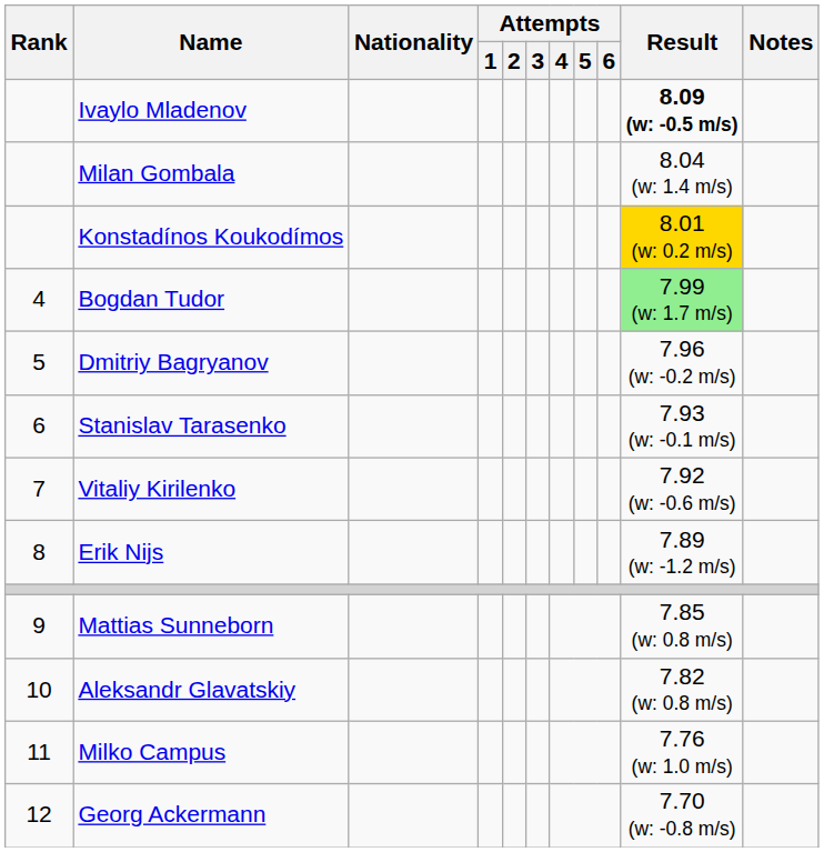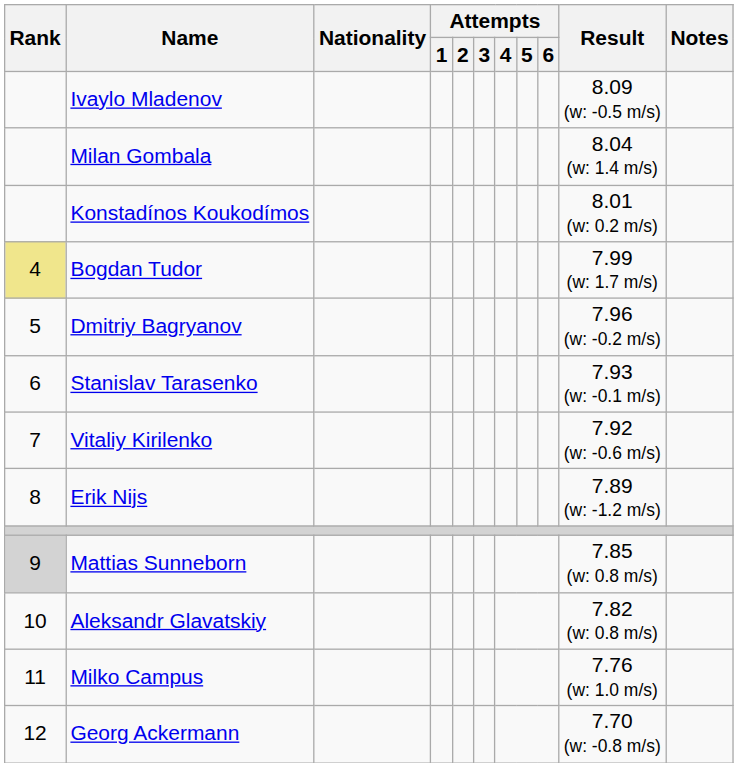 <table class="wikitable sortable" style="text-align:center">
 <tr>
 <th rowspan="2">Rank</th>
 <th rowspan="2">Name</th>
 <th rowspan="2">Nationality</th>
 <th colspan="6">Attempts</th>
 <th rowspan="2">Result</th>
 <th rowspan="2">Notes</th>
 </tr>
 <tr>
 <th>1</th>
 <th>2</th>
 <th>3</th>
 <th>4</th>
 <th>5</th>
 <th>6</th>
 </tr>
 <tr>
 <td></td>
 <td align=left><a href='#'>Ivaylo Mladenov</a></td>
 <td align=left></td>
 <td></td>
 <td></td>
 <td></td>
 <td></td>
 <td></td>
 <td></td>
-<td><strong>8.09<br><small>(w: -0.5 m/s)</small></strong></td>
+<td>8.09<br><small>(w: -0.5 m/s)</small></td>
 <td></td>
 </tr>
 <tr>
 <td></td>
 <td align=left><a href='#'>Milan Gombala</a></td>
 <td align=left></td>
 <td></td>
 <td></td>
 <td></td>
 <td></td>
 <td></td>
 <td></td>
 <td>8.04<br><small>(w: 1.4 m/s)</small></td>
 <td></td>
 </tr>
 <tr>
 <td></td>
 <td align=left><a href='#'>Konstadínos Koukodímos</a></td>
 <td align=left></td>
 <td></td>
 <td></td>
 <td></td>
 <td></td>
 <td></td>
 <td></td>
-<td style="background: gold;">8.01<br><small>(w: 0.2 m/s)</small></td>
+<td>8.01<br><small>(w: 0.2 m/s)</small></td>
 <td></td>
 </tr>
 <tr>
-<td>4</td>
+<td style="background: khaki;">4</td>
 <td align=left><a href='#'>Bogdan Tudor</a></td>
 <td align=left></td>
 <td></td>
 <td></td>
 <td></td>
 <td></td>
 <td></td>
 <td></td>
-<td style="background: lightgreen;">7.99<br><small>(w: 1.7 m/s)</small></td>
+<td>7.99<br><small>(w: 1.7 m/s)</small></td>
 <td></td>
 </tr>
 <tr>
 <td>5</td>
 <td align=left><a href='#'>Dmitriy Bagryanov</a></td>
 <td align=left></td>
 <td></td>
 <td></td>
 <td></td>
 <td></td>
 <td></td>
 <td></td>
 <td>7.96<br><small>(w: -0.2 m/s)</small></td>
 <td></td>
 </tr>
 <tr>
 <td>6</td>
 <td align=left><a href='#'>Stanislav Tarasenko</a></td>
 <td align=left></td>
 <td></td>
 <td></td>
 <td></td>
 <td></td>
 <td></td>
 <td></td>
 <td>7.93<br><small>(w: -0.1 m/s)</small></td>
 <td></td>
 </tr>
 <tr>
 <td>7</td>
 <td align=left><a href='#'>Vitaliy Kirilenko</a></td>
 <td align=left></td>
 <td></td>
 <td></td>
 <td></td>
 <td></td>
 <td></td>
 <td></td>
 <td>7.92<br><small>(w: -0.6 m/s)</small></td>
 <td></td>
 </tr>
 <tr>
 <td>8</td>
 <td align=left><a href='#'>Erik Nijs</a></td>
 <td align=left></td>
 <td></td>
 <td></td>
 <td></td>
 <td></td>
 <td></td>
 <td></td>
 <td>7.89<br><small>(w: -1.2 m/s)</small></td>
 <td></td>
 </tr>
 <tr>
 <td colspan=11 bgcolor=lightgray></td>
 </tr>
 <tr>
-<td>9</td>
+<td style="background: lightgrey;">9</td>
 <td align=left><a href='#'>Mattias Sunneborn</a></td>
 <td align=left></td>
 <td></td>
 <td></td>
 <td></td>
 <td colspan="3"></td>
 <td>7.85<br><small>(w: 0.8 m/s)</small></td>
 <td></td>
 </tr>
 <tr>
 <td>10</td>
 <td align=left><a href='#'>Aleksandr Glavatskiy</a></td>
 <td align=left></td>
 <td></td>
 <td></td>
 <td></td>
 <td colspan="3"></td>
 <td>7.82<br><small>(w: 0.8 m/s)</small></td>
 <td></td>
 </tr>
 <tr>
 <td>11</td>
 <td align=left><a href='#'>Milko Campus</a></td>
 <td align=left></td>
 <td></td>
 <td></td>
 <td></td>
 <td colspan="3"></td>
 <td>7.76<br><small>(w: 1.0 m/s)</small></td>
 <td></td>
 </tr>
 <tr>
 <td>12</td>
 <td align=left><a href='#'>Georg Ackermann</a></td>
 <td align=left></td>
 <td></td>
 <td></td>
 <td></td>
 <td colspan="3"></td>
 <td>7.70<br><small>(w: -0.8 m/s)</small></td>
 <td></td>
 </tr>
 </table>
